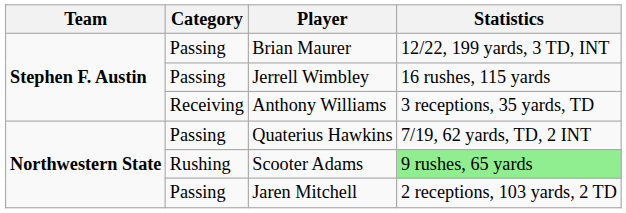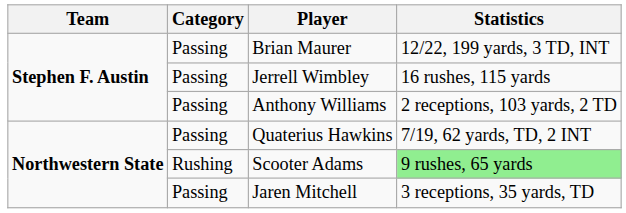 <table class="wikitable" style="float: right;">
 <tr>
 <th>Team</th>
 <th>Category</th>
 <th>Player</th>
 <th>Statistics</th>
 </tr>
 <tr>
 <td rowspan=3><strong>Stephen F. Austin</strong></td>
 <td>Passing</td>
 <td>Brian Maurer</td>
 <td>12/22, 199 yards, 3 TD, INT</td>
 </tr>
 <tr>
 <td>Passing</td>
 <td>Jerrell Wimbley</td>
 <td>16 rushes, 115 yards</td>
 </tr>
 <tr>
-<td>Receiving</td>
+<td>Passing</td>
 <td>Anthony Williams</td>
-<td>3 receptions, 35 yards, TD</td>
+<td>2 receptions, 103 yards, 2 TD</td>
 </tr>
 <tr>
 <td rowspan=3><strong>Northwestern State</strong></td>
 <td>Passing</td>
 <td>Quaterius Hawkins</td>
 <td>7/19, 62 yards, TD, 2 INT</td>
 </tr>
 <tr>
 <td>Rushing</td>
 <td>Scooter Adams</td>
 <td style="background: lightgreen;">9 rushes, 65 yards</td>
 </tr>
 <tr>
 <td>Passing</td>
 <td>Jaren Mitchell</td>
-<td>2 receptions, 103 yards, 2 TD</td>
+<td>3 receptions, 35 yards, TD</td>
 </tr>
 </table>
